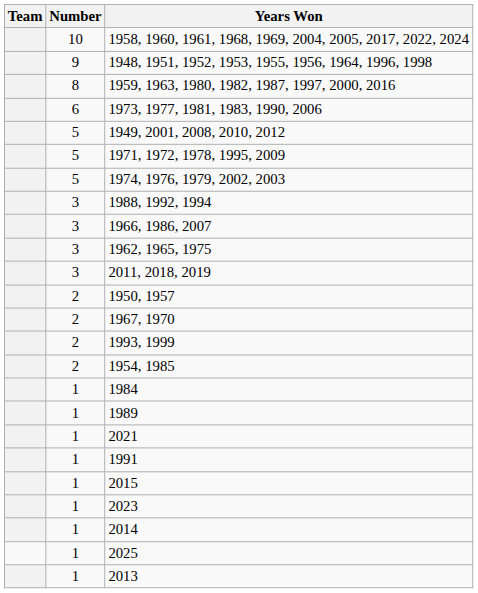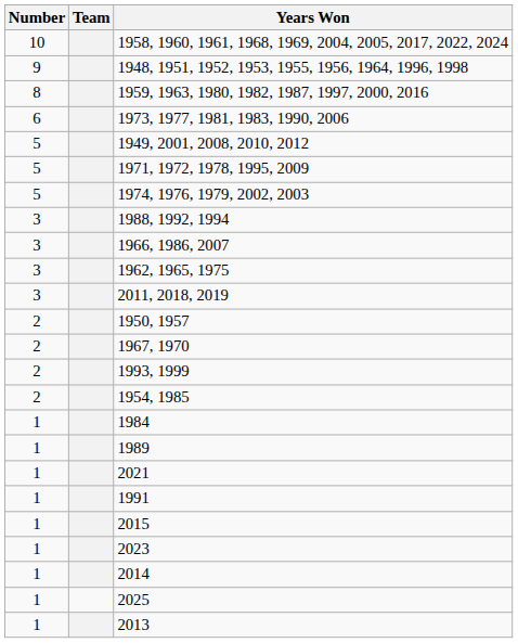 <table class="wikitable plainrowheaders sortable">
 <tr>
+<th scope="col">Number</th>
 <th scope="col">Team</th>
-<th scope="col">Number</th>
 <th scope="col" class="unsortable">Years Won</th>
 </tr>
 <tr>
+<td style="text-align:center">10</td>
 <th align=center><strong><a href='#'></a></strong></th>
-<td style="text-align:center">10</td>
 <td>1958, 1960, 1961, 1968, 1969, 2004, 2005, 2017, 2022, 2024</td>
 </tr>
 <tr>
+<td style="text-align:center">9</td>
 <th align=center><strong><a href='#'></a></strong></th>
-<td style="text-align:center">9</td>
 <td>1948, 1951, 1952, 1953, 1955, 1956, 1964, 1996, 1998</td>
 </tr>
 <tr>
+<td style="text-align:center">8</td>
 <th align=center><strong><a href='#'></a></strong></th>
-<td style="text-align:center">8</td>
 <td>1959, 1963, 1980, 1982, 1987, 1997, 2000, 2016</td>
 </tr>
 <tr>
+<td style="text-align:center">6</td>
 <th align=center><strong><a href='#'></a></strong></th>
-<td style="text-align:center">6</td>
 <td>1973, 1977, 1981, 1983, 1990, 2006</td>
 </tr>
 <tr>
+<td style="text-align:center">5</td>
 <th align=center><strong><a href='#'></a></strong></th>
-<td style="text-align:center">5</td>
 <td>1949, 2001, 2008, 2010, 2012</td>
 </tr>
 <tr>
+<td style="text-align:center">5</td>
 <th align=center><strong><a href='#'></a></strong></th>
-<td style="text-align:center">5</td>
 <td>1971, 1972, 1978, 1995, 2009</td>
 </tr>
 <tr>
+<td style="text-align:center">5</td>
 <th align=center><strong><a href='#'></a></strong></th>
-<td style="text-align:center">5</td>
 <td>1974, 1976, 1979, 2002, 2003</td>
 </tr>
 <tr>
+<td style="text-align:center">3</td>
 <th align=center><strong><a href='#'></a></strong></th>
-<td style="text-align:center">3</td>
 <td>1988, 1992, 1994</td>
 </tr>
 <tr>
+<td style="text-align:center">3</td>
 <th align=center><strong><a href='#'></a></strong></th>
-<td style="text-align:center">3</td>
 <td>1966, 1986, 2007</td>
 </tr>
 <tr>
+<td style="text-align:center">3</td>
 <th align=center><strong><a href='#'></a></strong></th>
-<td style="text-align:center">3</td>
 <td>1962, 1965, 1975</td>
 </tr>
 <tr>
+<td style="text-align:center">3</td>
 <th align=center><strong><a href='#'></a></strong></th>
-<td style="text-align:center">3</td>
 <td>2011, 2018, 2019</td>
 </tr>
 <tr>
+<td style="text-align:center">2</td>
 <th align=center><strong><a href='#'></a></strong></th>
-<td style="text-align:center">2</td>
 <td>1950, 1957</td>
 </tr>
 <tr>
+<td style="text-align:center">2</td>
 <th align=center><strong><a href='#'></a></strong></th>
-<td style="text-align:center">2</td>
 <td>1967, 1970</td>
 </tr>
 <tr>
+<td style="text-align:center">2</td>
 <th align=center><strong><a href='#'></a></strong></th>
-<td style="text-align:center">2</td>
 <td>1993, 1999</td>
 </tr>
 <tr>
+<td style="text-align:center">2</td>
 <th align=center><strong><a href='#'></a></strong></th>
-<td style="text-align:center">2</td>
 <td>1954, 1985</td>
 </tr>
 <tr>
+<td style="text-align:center">1</td>
 <th align=center><strong><a href='#'></a></strong></th>
-<td style="text-align:center">1</td>
 <td>1984</td>
 </tr>
 <tr>
+<td style="text-align:center">1</td>
 <th align=center><strong><a href='#'></a></strong></th>
-<td style="text-align:center">1</td>
 <td>1989</td>
 </tr>
 <tr>
+<td style="text-align:center">1</td>
 <th align=center><strong><a href='#'></a></strong></th>
-<td style="text-align:center">1</td>
 <td>2021</td>
 </tr>
 <tr>
+<td style="text-align:center">1</td>
 <th align=center><strong><a href='#'></a></strong></th>
-<td style="text-align:center">1</td>
 <td>1991</td>
 </tr>
 <tr>
+<td style="text-align:center">1</td>
 <th align=center><strong><a href='#'></a></strong></th>
-<td style="text-align:center">1</td>
 <td>2015</td>
 </tr>
 <tr>
+<td style="text-align:center">1</td>
 <th align=center><strong><a href='#'></a></strong></th>
-<td style="text-align:center">1</td>
 <td>2023</td>
 </tr>
 <tr>
+<td style="text-align:center">1</td>
 <th align=center><strong><a href='#'></a></strong></th>
-<td style="text-align:center">1</td>
 <td>2014</td>
 </tr>
 <tr>
+<td style="text-align:center">1</td>
 <td align=center><strong><a href='#'></a></strong></td>
-<td style="text-align:center">1</td>
 <td>2025</td>
 </tr>
 <tr>
+<td style="text-align:center">1</td>
 <th align=center><strong><a href='#'></a></strong></th>
-<td style="text-align:center">1</td>
 <td>2013</td>
 </tr>
 </table>
